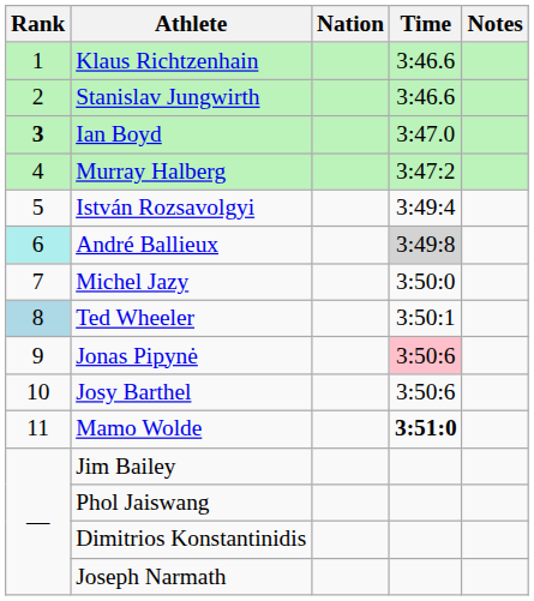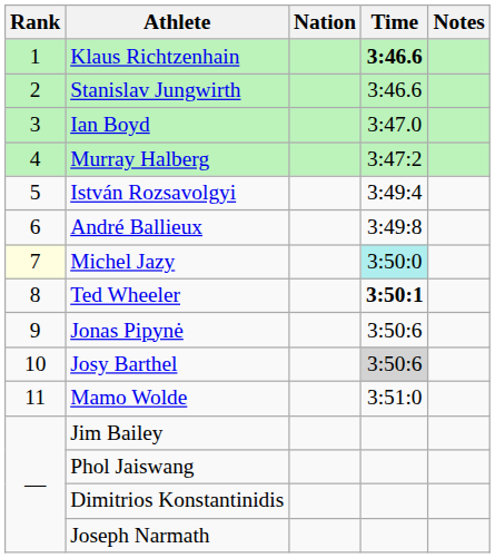 <table class="wikitable sortable" style="text-align:center">
 <tr>
 <th>Rank</th>
 <th>Athlete</th>
 <th>Nation</th>
 <th>Time</th>
 <th>Notes</th>
 </tr>
 <tr bgcolor=bbf3bb>
 <td>1</td>
 <td align=left><a href='#'>Klaus Richtzenhain</a></td>
 <td align=left></td>
-<td>3:46.6</td>
+<td><strong>3:46.6</strong></td>
 <td></td>
 </tr>
 <tr bgcolor=bbf3bb>
 <td>2</td>
 <td align=left><a href='#'>Stanislav Jungwirth</a></td>
 <td align=left></td>
 <td>3:46.6</td>
 <td></td>
 </tr>
 <tr bgcolor=bbf3bb>
-<td><strong>3</strong></td>
+<td>3</td>
 <td align=left><a href='#'>Ian Boyd</a></td>
 <td align=left></td>
 <td>3:47.0</td>
 <td></td>
 </tr>
 <tr bgcolor=bbf3bb>
 <td>4</td>
 <td align=left><a href='#'>Murray Halberg</a></td>
 <td align=left></td>
 <td>3:47:2</td>
 <td></td>
 </tr>
 <tr>
 <td>5</td>
 <td align=left><a href='#'>István Rozsavolgyi</a></td>
 <td align=left></td>
 <td>3:49:4</td>
 <td></td>
 </tr>
 <tr>
-<td style="background: paleturquoise;">6</td>
+<td>6</td>
 <td align=left><a href='#'>André Ballieux</a></td>
 <td align=left></td>
-<td style="background: lightgrey;">3:49:8</td>
+<td>3:49:8</td>
 <td></td>
 </tr>
 <tr>
-<td>7</td>
+<td style="background: lightyellow;">7</td>
 <td align=left><a href='#'>Michel Jazy</a></td>
 <td align=left></td>
-<td>3:50:0</td>
+<td style="background: paleturquoise;">3:50:0</td>
 <td></td>
 </tr>
 <tr>
-<td style="background: lightblue;">8</td>
+<td>8</td>
 <td align=left><a href='#'>Ted Wheeler</a></td>
 <td align=left></td>
-<td>3:50:1</td>
+<td><strong>3:50:1</strong></td>
 <td></td>
 </tr>
 <tr>
 <td>9</td>
 <td align=left><a href='#'>Jonas Pipynė</a></td>
 <td align=left></td>
-<td style="background: pink;">3:50:6</td>
+<td>3:50:6</td>
 <td></td>
 </tr>
 <tr>
 <td>10</td>
 <td align=left><a href='#'>Josy Barthel</a></td>
 <td align=left></td>
-<td>3:50:6</td>
+<td style="background: lightgrey;">3:50:6</td>
 <td></td>
 </tr>
 <tr>
 <td>11</td>
 <td align=left><a href='#'>Mamo Wolde</a></td>
 <td align=left></td>
-<td><strong>3:51:0</strong></td>
+<td>3:51:0</td>
 <td></td>
 </tr>
 <tr>
 <td rowspan=4 data-sort-value=12>—</td>
 <td align=left>Jim Bailey</td>
 <td align=left></td>
 <td></td>
 <td></td>
 </tr>
 <tr>
 <td align=left>Phol Jaiswang</td>
 <td align=left></td>
 <td></td>
 <td></td>
 </tr>
 <tr>
 <td align=left>Dimitrios Konstantinidis</td>
 <td align=left></td>
 <td></td>
 <td></td>
 </tr>
 <tr>
 <td align=left>Joseph Narmath</td>
 <td align=left></td>
 <td></td>
 <td></td>
 </tr>
 </table>
